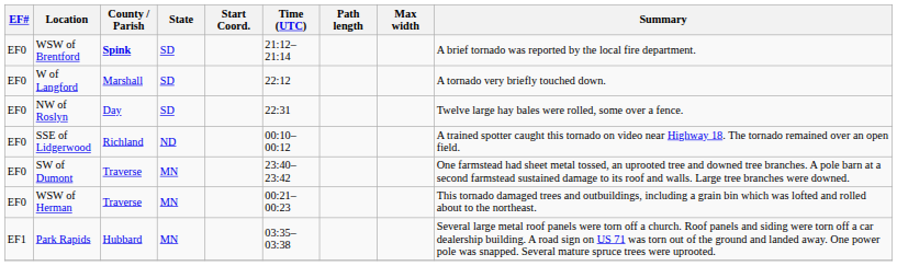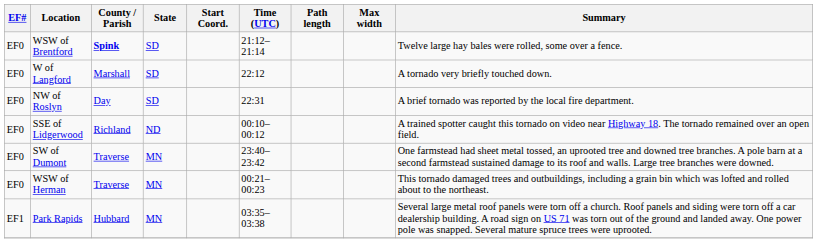 <table class="wikitable sortable" style="width:100%;">
 <tr>
 <th scope="col"  style="width:3%; text-align:center;"><a href='#'>EF#</a></th>
 <th scope="col"  style="width:7%; text-align:center;" class="unsortable">Location</th>
 <th scope="col"  style="width:6%; text-align:center;" class="unsortable">County / Parish</th>
 <th scope="col"  style="width:5%; text-align:center;">State</th>
 <th scope="col"  style="width:6%; text-align:center;">Start Coord.</th>
 <th scope="col"  style="width:6%; text-align:center;">Time (<a href='#'>UTC</a>)</th>
 <th scope="col"  style="width:6%; text-align:center;">Path length</th>
 <th scope="col"  style="width:6%; text-align:center;">Max width</th>
 <th scope="col" class="unsortable" style="width:48%; text-align:center;">Summary</th>
 </tr>
 <tr>
 <td>EF0</td>
 <td>WSW of <a href='#'>Brentford</a></td>
 <td><strong><a href='#'>Spink</a></strong></td>
 <td><a href='#'>SD</a></td>
 <td></td>
 <td>21:12–21:14</td>
 <td></td>
 <td></td>
-<td>A brief tornado was reported by the local fire department.</td>
+<td>Twelve large hay bales were rolled, some over a fence.</td>
 </tr>
 <tr>
 <td>EF0</td>
 <td>W of <a href='#'>Langford</a></td>
 <td><a href='#'>Marshall</a></td>
 <td><a href='#'>SD</a></td>
 <td></td>
 <td>22:12</td>
 <td></td>
 <td></td>
 <td>A tornado very briefly touched down.</td>
 </tr>
 <tr>
 <td>EF0</td>
 <td>NW of <a href='#'>Roslyn</a></td>
 <td><a href='#'>Day</a></td>
 <td><a href='#'>SD</a></td>
 <td></td>
 <td>22:31</td>
 <td></td>
 <td></td>
-<td>Twelve large hay bales were rolled, some over a fence.</td>
+<td>A brief tornado was reported by the local fire department.</td>
 </tr>
 <tr>
 <td>EF0</td>
 <td>SSE of <a href='#'>Lidgerwood</a></td>
 <td><a href='#'>Richland</a></td>
 <td><a href='#'>ND</a></td>
 <td></td>
 <td>00:10–00:12</td>
 <td></td>
 <td></td>
 <td>A trained spotter caught this tornado on video near <a href='#'>Highway 18</a>. The tornado remained over an open field.</td>
 </tr>
 <tr>
 <td>EF0</td>
 <td>SW of <a href='#'>Dumont</a></td>
 <td><a href='#'>Traverse</a></td>
 <td><a href='#'>MN</a></td>
 <td></td>
 <td>23:40–23:42</td>
 <td></td>
 <td></td>
 <td>One farmstead had sheet metal tossed, an uprooted tree and downed tree branches. A pole barn at a second farmstead sustained damage to its roof and walls. Large tree branches were downed.</td>
 </tr>
 <tr>
 <td>EF0</td>
 <td>WSW of <a href='#'>Herman</a></td>
 <td><a href='#'>Traverse</a></td>
 <td><a href='#'>MN</a></td>
 <td></td>
 <td>00:21–00:23</td>
 <td></td>
 <td></td>
 <td>This tornado damaged trees and outbuildings, including a grain bin which was lofted and rolled about  to the northeast.</td>
 </tr>
 <tr>
 <td>EF1</td>
 <td><a href='#'>Park Rapids</a></td>
 <td><a href='#'>Hubbard</a></td>
 <td><a href='#'>MN</a></td>
 <td></td>
 <td>03:35–03:38</td>
 <td></td>
 <td></td>
 <td>Several large metal roof panels were torn off a church. Roof panels and siding were torn off a car dealership building. A road sign on <a href='#'>US 71</a> was torn out of the ground and landed  away. One power pole was snapped. Several mature spruce trees were uprooted.</td>
 </tr>
 <tr>
 </tr>
 </table>
